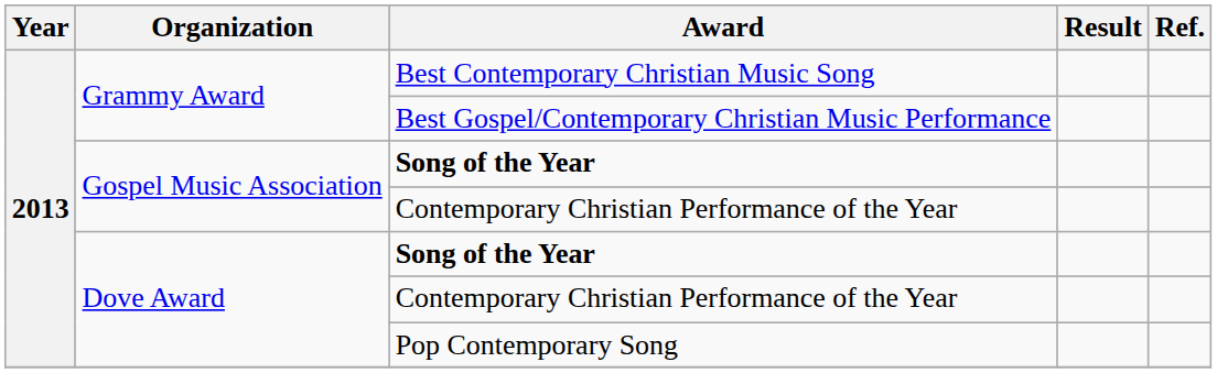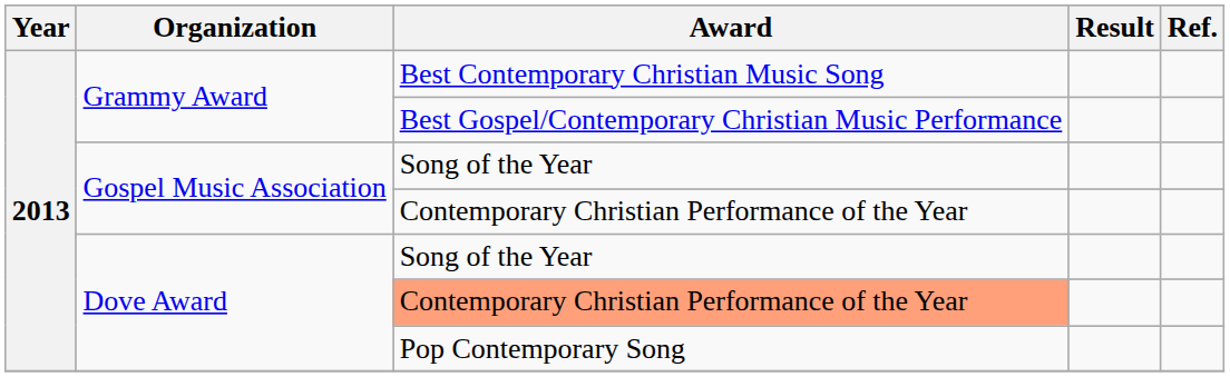 <table class="wikitable plainrowheaders">
 <tr align=center>
 <th>Year</th>
 <th>Organization</th>
 <th>Award</th>
 <th>Result</th>
 <th>Ref.</th>
 </tr>
 <tr>
 <th rowspan="7" scope="row">2013</th>
 <td rowspan=2><a href='#'>Grammy Award</a></td>
 <td><a href='#'>Best Contemporary Christian Music Song</a></td>
 <td></td>
 <td align="center"></td>
 </tr>
 <tr>
 <td><a href='#'>Best Gospel/Contemporary Christian Music Performance</a></td>
 <td></td>
 <td align="center"></td>
 </tr>
 <tr>
 <td rowspan=2><a href='#'>Gospel Music Association</a></td>
-<td><strong>Song of the Year</strong></td>
+<td>Song of the Year</td>
 <td></td>
 <td align="center"></td>
 </tr>
 <tr>
 <td>Contemporary Christian Performance of the Year</td>
 <td></td>
 <td align="center"></td>
 </tr>
 <tr>
 <td rowspan=3><a href='#'>Dove Award</a></td>
-<td><strong>Song of the Year</strong></td>
+<td>Song of the Year</td>
 <td></td>
 <td align="center"></td>
 </tr>
 <tr>
-<td>Contemporary Christian Performance of the Year</td>
+<td style="background: lightsalmon;">Contemporary Christian Performance of the Year</td>
 <td></td>
 <td align="center"></td>
 </tr>
 <tr>
 <td>Pop Contemporary Song</td>
 <td></td>
 <td align="center"></td>
 </tr>
 <tr>
 </tr>
 </table>
